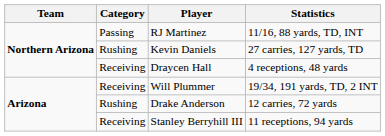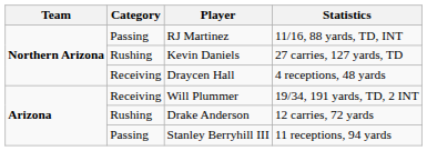 <table class="wikitable" style="float: right;">
 <tr>
 <th>Team</th>
 <th>Category</th>
 <th>Player</th>
 <th>Statistics</th>
 </tr>
 <tr>
 <td rowspan=3><strong>Northern Arizona</strong></td>
 <td>Passing</td>
 <td>RJ Martinez</td>
 <td>11/16, 88 yards, TD, INT</td>
 </tr>
 <tr>
 <td>Rushing</td>
 <td>Kevin Daniels</td>
 <td>27 carries, 127 yards, TD</td>
 </tr>
 <tr>
 <td>Receiving</td>
 <td>Draycen Hall</td>
 <td>4 receptions, 48 yards</td>
 </tr>
 <tr>
 <td rowspan=3><strong>Arizona</strong></td>
 <td>Receiving</td>
 <td>Will Plummer</td>
 <td>19/34, 191 yards, TD, 2 INT</td>
 </tr>
 <tr>
 <td>Rushing</td>
 <td>Drake Anderson</td>
 <td>12 carries, 72 yards</td>
 </tr>
 <tr>
-<td>Receiving</td>
+<td>Passing</td>
 <td>Stanley Berryhill III</td>
 <td>11 receptions, 94 yards</td>
 </tr>
 </table>
